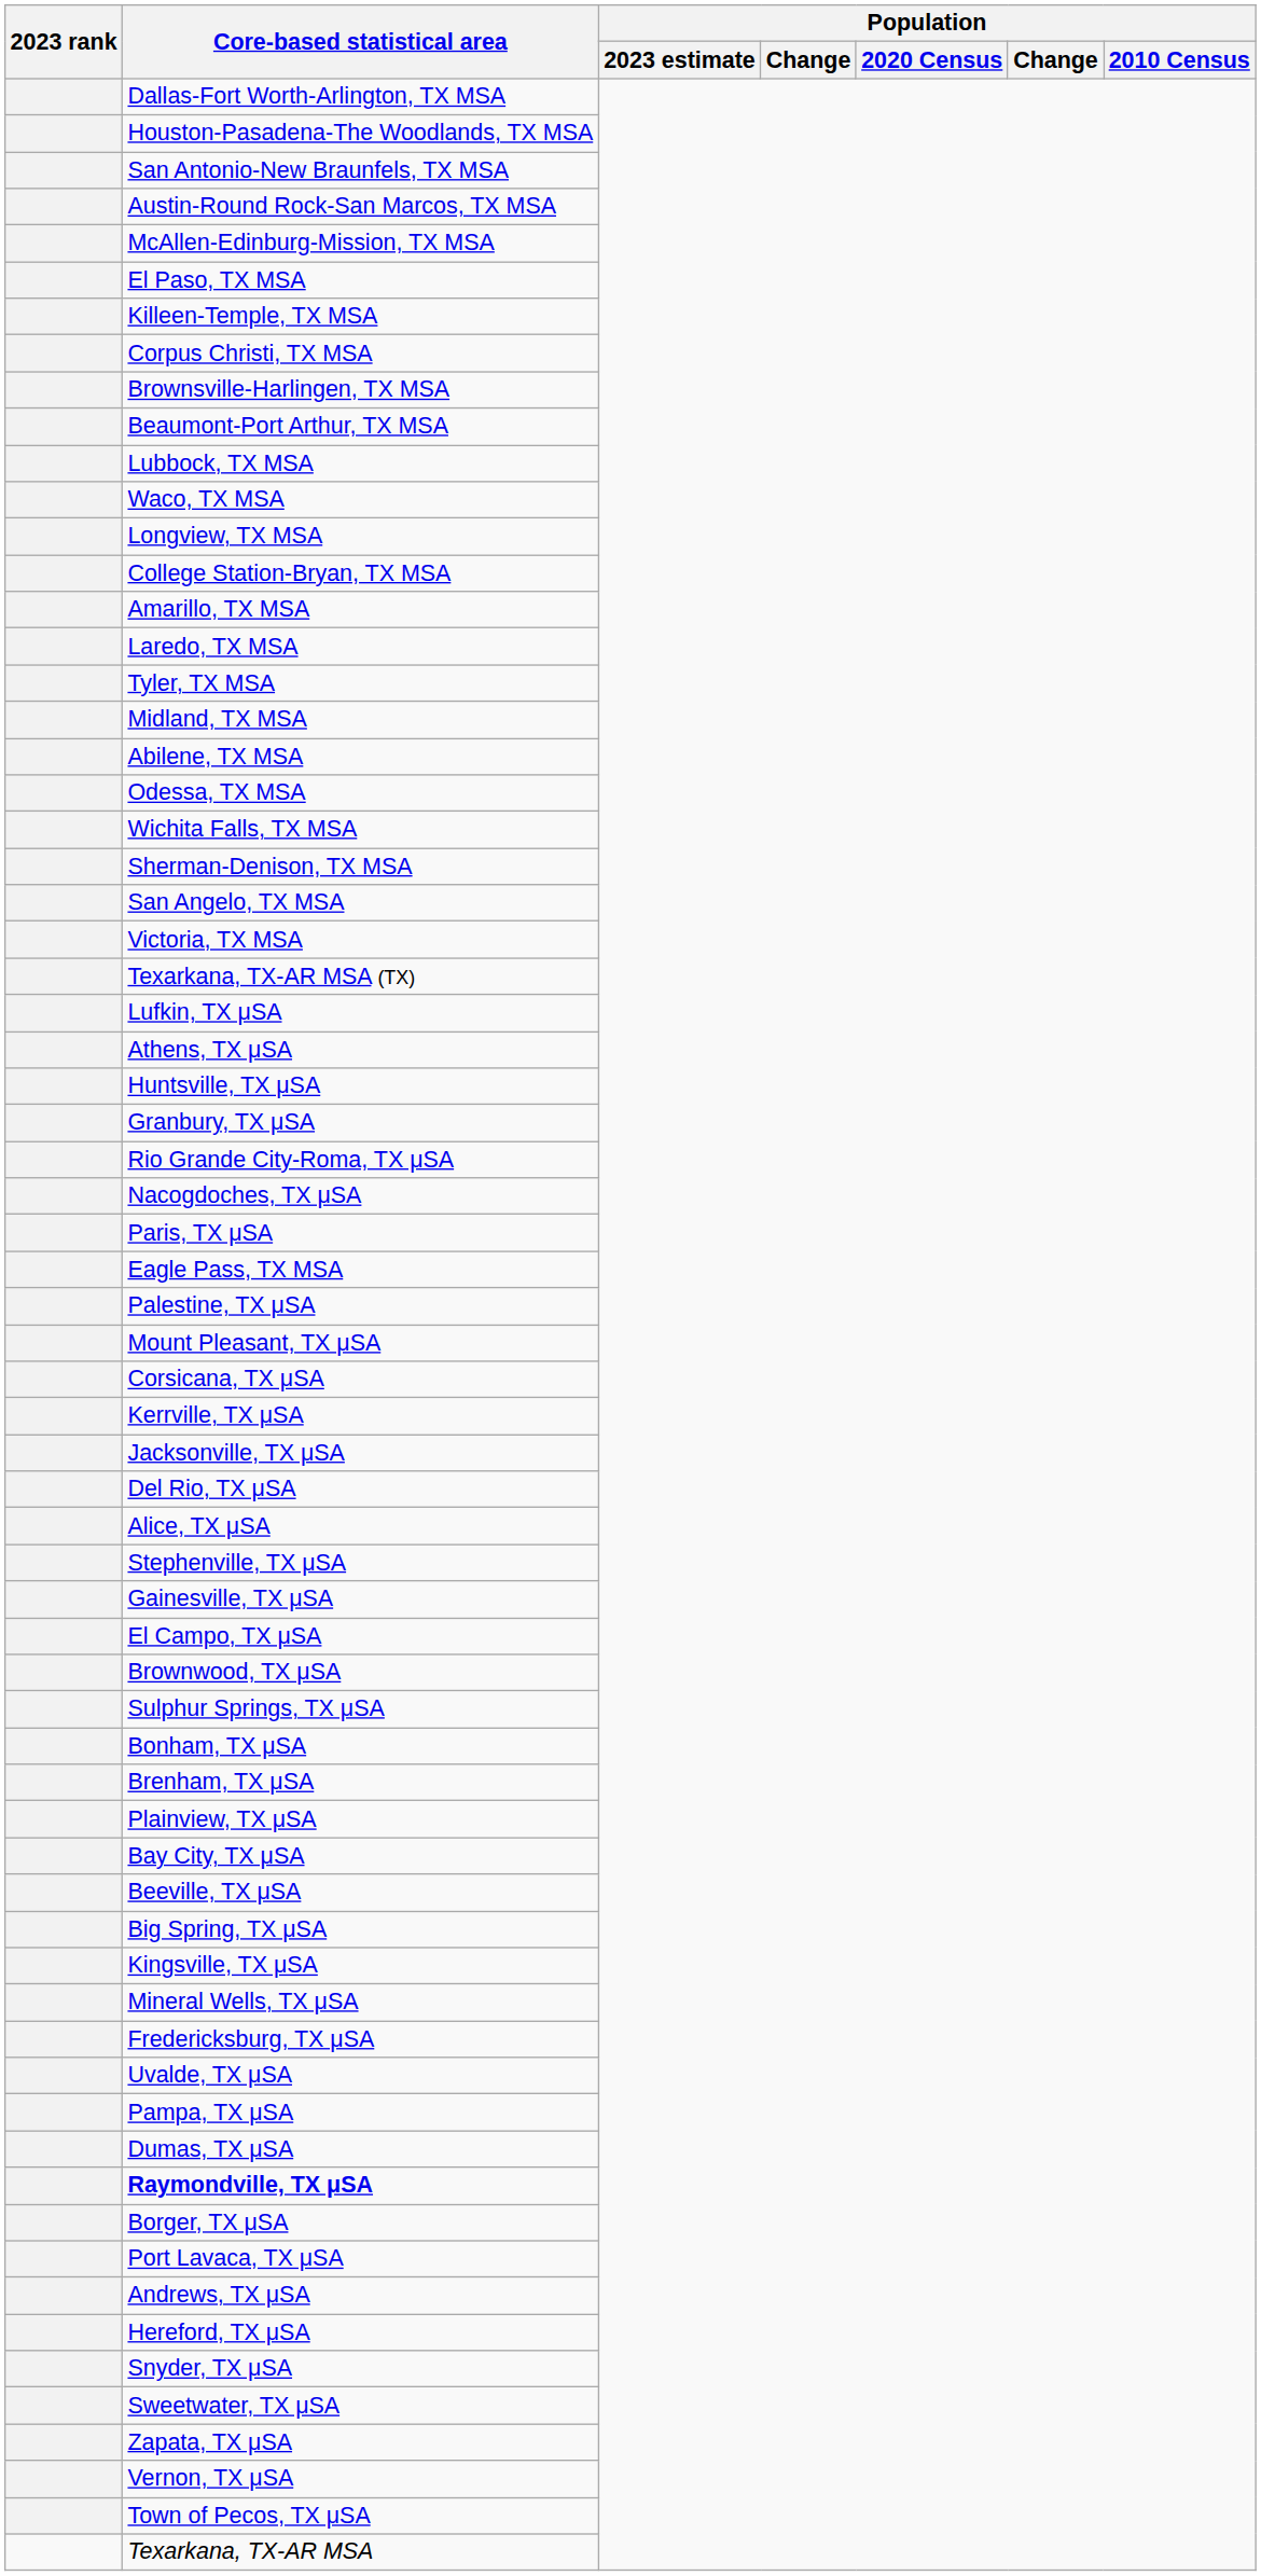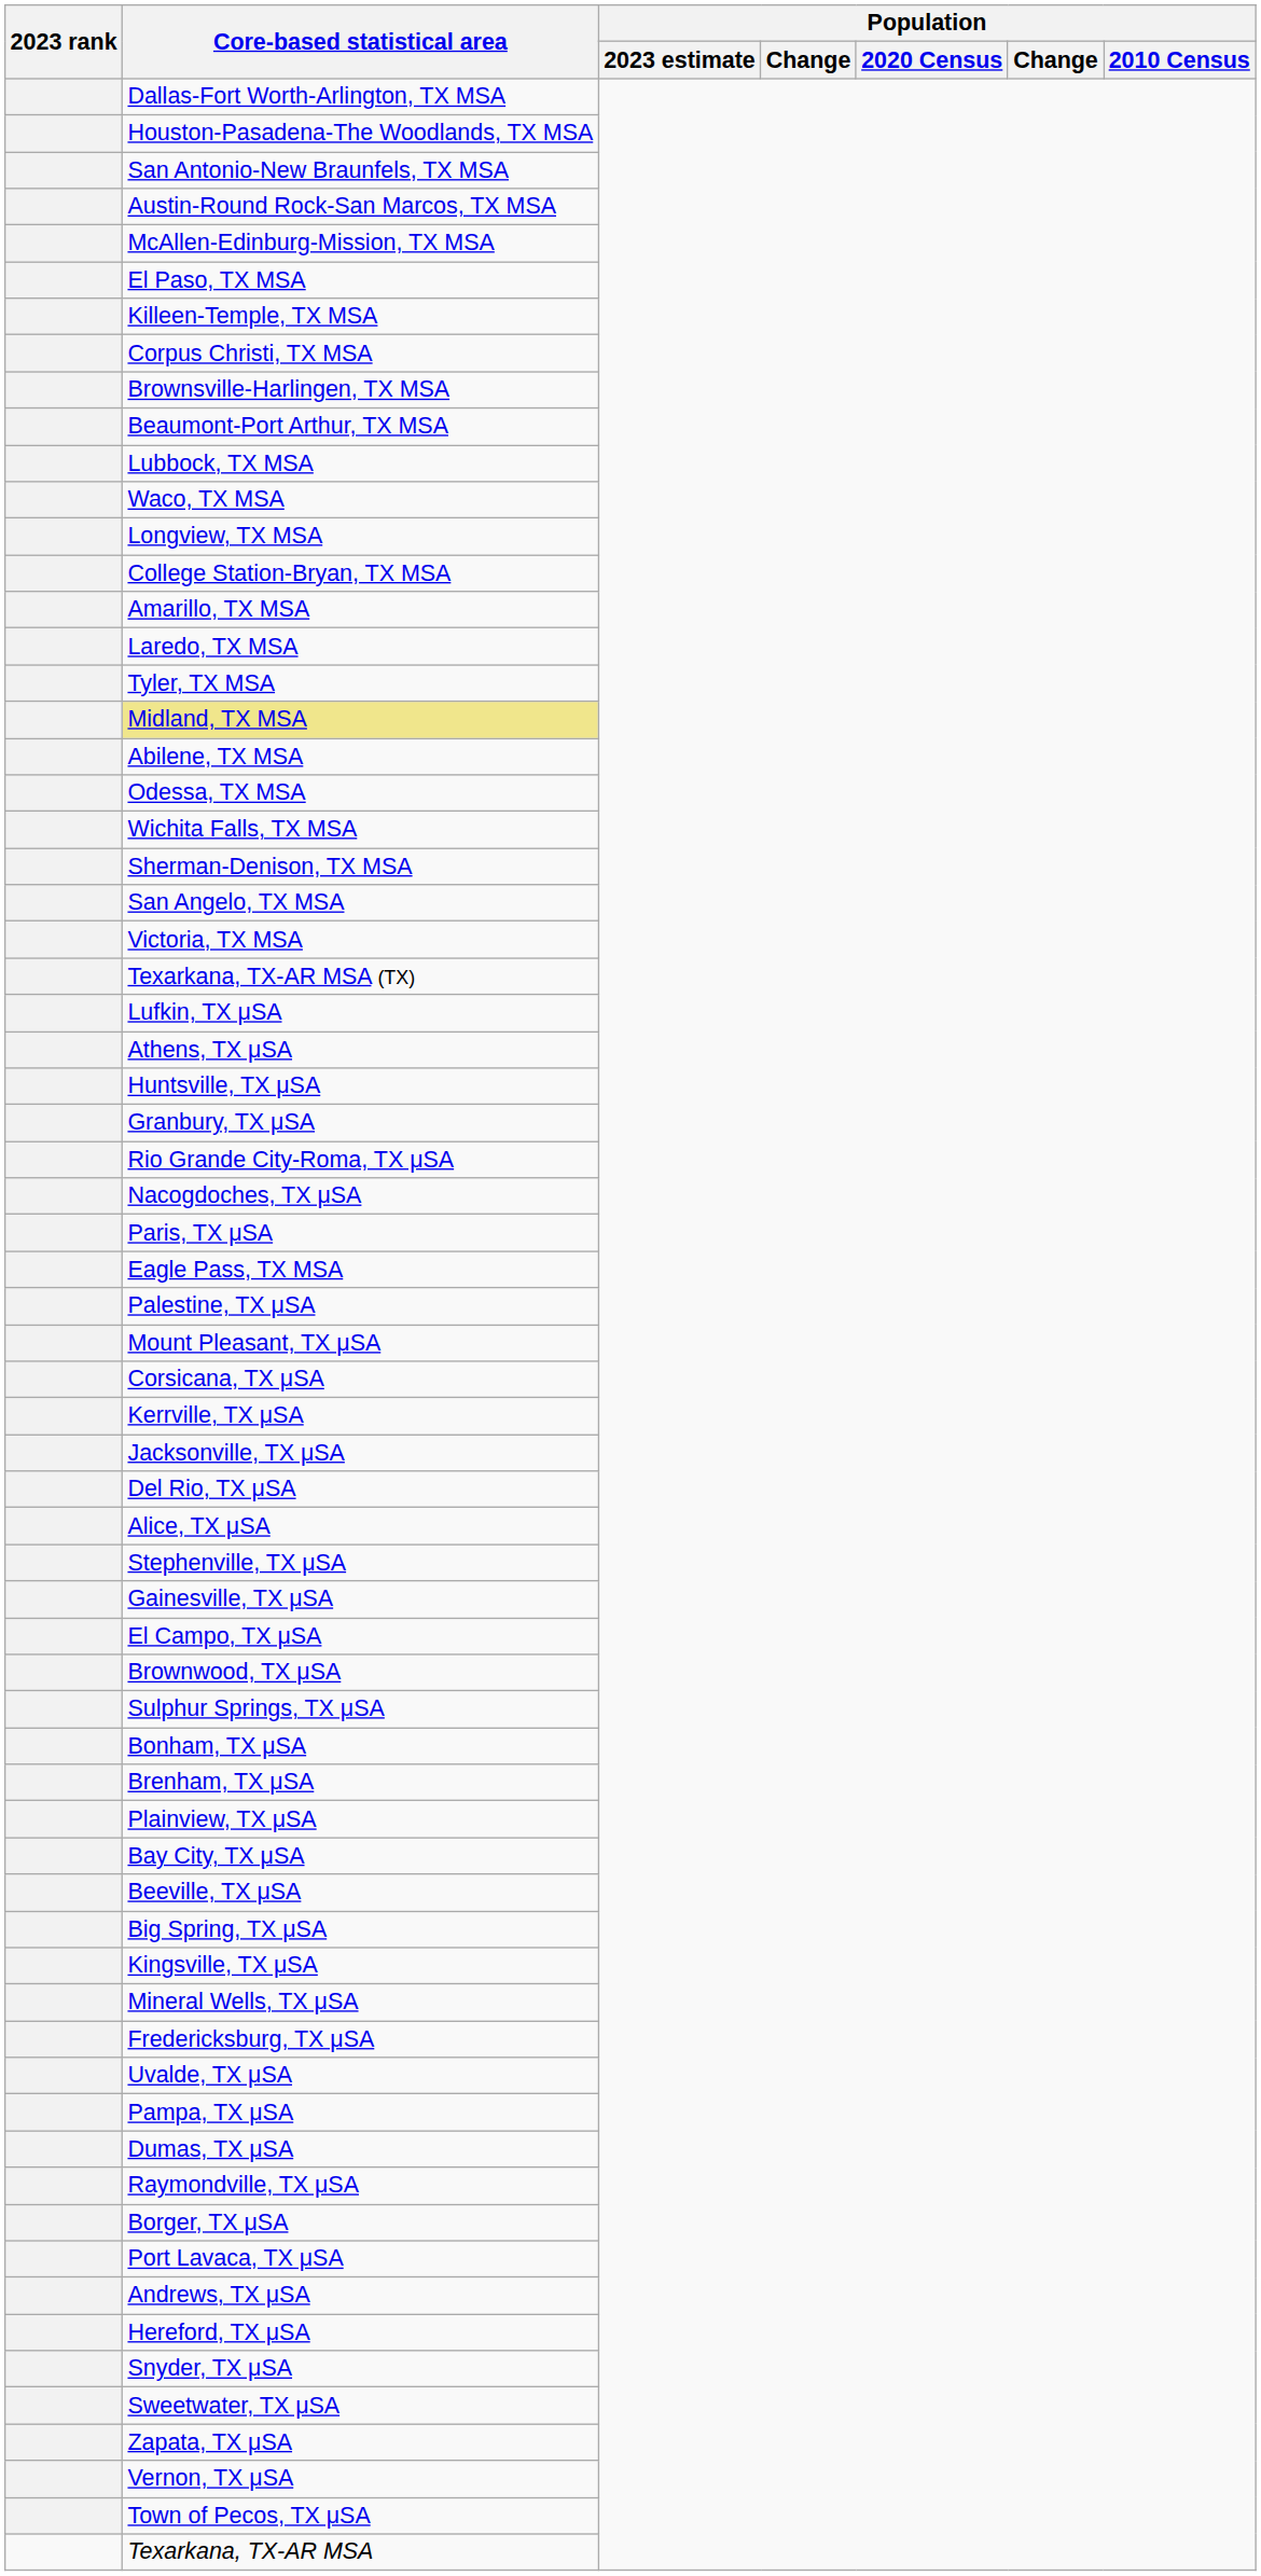 <table class="wikitable sortable">
 <tr>
 <th scope=col rowspan=2>2023 rank</th>
 <th scope=col rowspan=2><a href='#'>Core-based statistical area</a></th>
 <th colspan=5>Population</th>
 </tr>
 <tr>
 <th scope=col>2023 estimate</th>
 <th scope=col>Change</th>
 <th scope=col><a href='#'>2020 Census</a></th>
 <th scope=col>Change</th>
 <th scope=col><a href='#'>2010 Census</a></th>
 </tr>
 <tr>
 <th scope=row></th>
 <td><a href='#'>Dallas-Fort Worth-Arlington, TX MSA</a><br></td>
 </tr>
 <tr>
 <th scope=row></th>
 <td><a href='#'>Houston-Pasadena-The Woodlands, TX MSA</a><br></td>
 </tr>
 <tr>
 <th scope=row></th>
 <td><a href='#'>San Antonio-New Braunfels, TX MSA</a><br></td>
 </tr>
 <tr>
 <th scope=row></th>
 <td><a href='#'>Austin-Round Rock-San Marcos, TX MSA</a><br></td>
 </tr>
 <tr>
 <th scope=row></th>
 <td><a href='#'>McAllen-Edinburg-Mission, TX MSA</a><br></td>
 </tr>
 <tr>
 <th scope=row></th>
 <td><a href='#'>El Paso, TX MSA</a><br></td>
 </tr>
 <tr>
 <th scope=row></th>
 <td><a href='#'>Killeen-Temple, TX MSA</a><br></td>
 </tr>
 <tr>
 <th scope=row></th>
 <td><a href='#'>Corpus Christi, TX MSA</a><br></td>
 </tr>
 <tr>
 <th scope=row></th>
 <td><a href='#'>Brownsville-Harlingen, TX MSA</a><br></td>
 </tr>
 <tr>
 <th scope=row></th>
 <td><a href='#'>Beaumont-Port Arthur, TX MSA</a><br></td>
 </tr>
 <tr>
 <th scope=row></th>
 <td><a href='#'>Lubbock, TX MSA</a><br></td>
 </tr>
 <tr>
 <th scope=row></th>
 <td><a href='#'>Waco, TX MSA</a><br></td>
 </tr>
 <tr>
 <th scope=row></th>
 <td><a href='#'>Longview, TX MSA</a><br></td>
 </tr>
 <tr>
 <th scope=row></th>
 <td><a href='#'>College Station-Bryan, TX MSA</a><br></td>
 </tr>
 <tr>
 <th scope=row></th>
 <td><a href='#'>Amarillo, TX MSA</a><br></td>
 </tr>
 <tr>
 <th scope=row></th>
 <td><a href='#'>Laredo, TX MSA</a><br></td>
 </tr>
 <tr>
 <th scope=row></th>
 <td><a href='#'>Tyler, TX MSA</a><br></td>
 </tr>
 <tr>
 <th scope=row></th>
-<td><a href='#'>Midland, TX MSA</a><br></td>
+<td style="background: khaki;"><a href='#'>Midland, TX MSA</a><br></td>
 </tr>
 <tr>
 <th scope=row></th>
 <td><a href='#'>Abilene, TX MSA</a><br></td>
 </tr>
 <tr>
 <th scope=row></th>
 <td><a href='#'>Odessa, TX MSA</a><br></td>
 </tr>
 <tr>
 <th scope=row></th>
 <td><a href='#'>Wichita Falls, TX MSA</a><br></td>
 </tr>
 <tr>
 <th scope=row></th>
 <td><a href='#'>Sherman-Denison, TX MSA</a><br></td>
 </tr>
 <tr>
 <th scope=row></th>
 <td><a href='#'>San Angelo, TX MSA</a><br></td>
 </tr>
 <tr>
 <th scope=row></th>
 <td><a href='#'>Victoria, TX MSA</a><br></td>
 </tr>
 <tr>
 <th scope=row></th>
 <td><a href='#'>Texarkana, TX-AR MSA</a> <small>(TX)</small><br></td>
 </tr>
 <tr>
 <th scope=row></th>
 <td><a href='#'>Lufkin, TX μSA</a><br></td>
 </tr>
 <tr>
 <th scope=row></th>
 <td><a href='#'>Athens, TX μSA</a><br></td>
 </tr>
 <tr>
 <th scope=row></th>
 <td><a href='#'>Huntsville, TX μSA</a><br></td>
 </tr>
 <tr>
 <th scope=row></th>
 <td><a href='#'>Granbury, TX μSA</a><br></td>
 </tr>
 <tr>
 <th scope=row></th>
 <td><a href='#'>Rio Grande City-Roma, TX μSA</a><br></td>
 </tr>
 <tr>
 <th scope=row></th>
 <td><a href='#'>Nacogdoches, TX μSA</a><br></td>
 </tr>
 <tr>
 <th scope=row></th>
 <td><a href='#'>Paris, TX μSA</a><br></td>
 </tr>
 <tr>
 <th scope=row></th>
 <td><a href='#'>Eagle Pass, TX MSA</a><br></td>
 </tr>
 <tr>
 <th scope=row></th>
 <td><a href='#'>Palestine, TX μSA</a><br></td>
 </tr>
 <tr>
 <th scope=row></th>
 <td><a href='#'>Mount Pleasant, TX μSA</a><br></td>
 </tr>
 <tr>
 <th scope=row></th>
 <td><a href='#'>Corsicana, TX μSA</a><br></td>
 </tr>
 <tr>
 <th scope=row></th>
 <td><a href='#'>Kerrville, TX μSA</a><br></td>
 </tr>
 <tr>
 <th scope=row></th>
 <td><a href='#'>Jacksonville, TX μSA</a><br></td>
 </tr>
 <tr>
 <th scope=row></th>
 <td><a href='#'>Del Rio, TX μSA</a><br></td>
 </tr>
 <tr>
 <th scope=row></th>
 <td><a href='#'>Alice, TX μSA</a><br></td>
 </tr>
 <tr>
 <th scope=row></th>
 <td><a href='#'>Stephenville, TX μSA</a><br></td>
 </tr>
 <tr>
 <th scope=row></th>
 <td><a href='#'>Gainesville, TX μSA</a><br></td>
 </tr>
 <tr>
 <th scope=row></th>
 <td><a href='#'>El Campo, TX μSA</a><br></td>
 </tr>
 <tr>
 <th scope=row></th>
 <td><a href='#'>Brownwood, TX μSA</a><br></td>
 </tr>
 <tr>
 <th scope=row></th>
 <td><a href='#'>Sulphur Springs, TX μSA</a><br></td>
 </tr>
 <tr>
 <th scope=row></th>
 <td><a href='#'>Bonham, TX μSA</a><br></td>
 </tr>
 <tr>
 <th scope=row></th>
 <td><a href='#'>Brenham, TX μSA</a><br></td>
 </tr>
 <tr>
 <th scope=row></th>
 <td><a href='#'>Plainview, TX μSA</a><br></td>
 </tr>
 <tr>
 <th scope=row></th>
 <td><a href='#'>Bay City, TX μSA</a><br></td>
 </tr>
 <tr>
 <th scope=row></th>
 <td><a href='#'>Beeville, TX μSA</a><br></td>
 </tr>
 <tr>
 <th scope=row></th>
 <td><a href='#'>Big Spring, TX μSA</a><br></td>
 </tr>
 <tr>
 <th scope=row></th>
 <td><a href='#'>Kingsville, TX μSA</a><br></td>
 </tr>
 <tr>
 <th scope=row></th>
 <td><a href='#'>Mineral Wells, TX μSA</a><br></td>
 </tr>
 <tr>
 <th scope=row></th>
 <td><a href='#'>Fredericksburg, TX μSA</a><br></td>
 </tr>
 <tr>
 <th scope=row></th>
 <td><a href='#'>Uvalde, TX μSA</a><br></td>
 </tr>
 <tr>
 <th scope=row></th>
 <td><a href='#'>Pampa, TX μSA</a><br></td>
 </tr>
 <tr>
 <th scope=row></th>
 <td><a href='#'>Dumas, TX μSA</a><br></td>
 </tr>
 <tr>
 <th scope=row></th>
-<td><strong><a href='#'>Raymondville, TX μSA</a><br></strong></td>
+<td><a href='#'>Raymondville, TX μSA</a><br></td>
 </tr>
 <tr>
 <th scope=row></th>
 <td><a href='#'>Borger, TX μSA</a><br></td>
 </tr>
 <tr>
 <th scope=row></th>
 <td><a href='#'>Port Lavaca, TX μSA</a><br></td>
 </tr>
 <tr>
 <th scope=row></th>
 <td><a href='#'>Andrews, TX μSA</a><br></td>
 </tr>
 <tr>
 <th scope=row></th>
 <td><a href='#'>Hereford, TX μSA</a><br></td>
 </tr>
 <tr>
 <th scope=row></th>
 <td><a href='#'>Snyder, TX μSA</a><br></td>
 </tr>
 <tr>
 <th scope=row></th>
 <td><a href='#'>Sweetwater, TX μSA</a><br></td>
 </tr>
 <tr>
 <th scope=row></th>
 <td><a href='#'>Zapata, TX μSA</a><br></td>
 </tr>
 <tr>
 <th scope=row></th>
 <td><a href='#'>Vernon, TX μSA</a><br></td>
 </tr>
 <tr>
 <th scope=row></th>
 <td><a href='#'>Town of Pecos, TX μSA</a><br></td>
 </tr>
 <tr>
 <td></td>
 <td><em><span>Texarkana, TX-AR MSA</span></em><br></td>
 </tr>
 </table>
